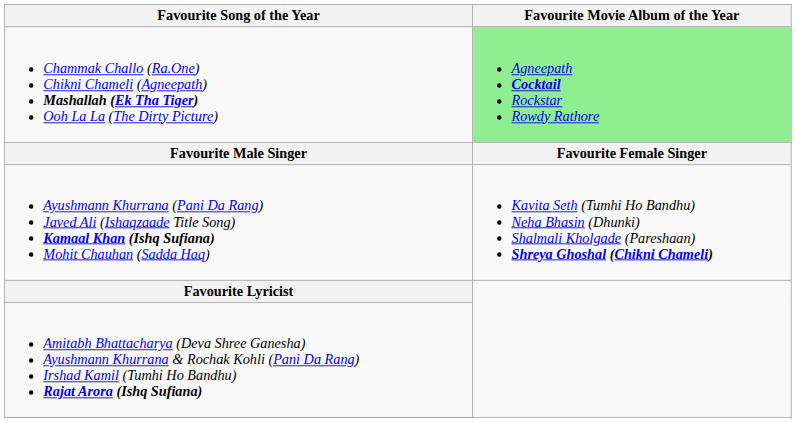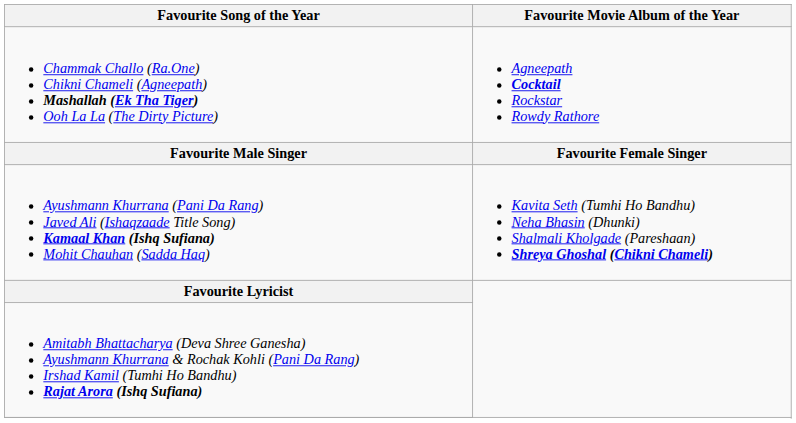 <table class="wikitable" width=70%>
 <tr>
 <th>Favourite Song of the Year</th>
 <th>Favourite Movie Album of the Year</th>
 </tr>
 <tr>
 <td valign="top"><br><ul><li><em><a href='#'>Chammak Challo</a> (<a href='#'>Ra.One</a>)</em></li><li><em><a href='#'>Chikni Chameli</a> (<a href='#'>Agneepath</a>)</em></li><li><strong><em>Mashallah (<a href='#'>Ek Tha Tiger</a>)</em></strong></li><li><em><a href='#'>Ooh La La</a> (<a href='#'>The Dirty Picture</a>)</em></li></ul></td>
-<td valign="top" style="background: lightgreen;"><br><ul><li><em><a href='#'>Agneepath</a></em></li><li><strong><em><a href='#'>Cocktail</a></em></strong></li><li><em><a href='#'>Rockstar</a></em></li><li><em><a href='#'>Rowdy Rathore</a></em></li></ul></td>
+<td valign="top"><br><ul><li><em><a href='#'>Agneepath</a></em></li><li><strong><em><a href='#'>Cocktail</a></em></strong></li><li><em><a href='#'>Rockstar</a></em></li><li><em><a href='#'>Rowdy Rathore</a></em></li></ul></td>
 </tr>
 <tr>
 <th>Favourite Male Singer</th>
 <th>Favourite Female Singer</th>
 </tr>
 <tr>
 <td valign="top"><br><ul><li><em><a href='#'>Ayushmann Khurrana</a> (<a href='#'>Pani Da Rang</a>)</em></li><li><em><a href='#'>Javed Ali</a> (<a href='#'>Ishaqzaade</a> Title Song)</em></li><li><strong><em><a href='#'>Kamaal Khan</a> (Ishq Sufiana)</em></strong></li><li><em><a href='#'>Mohit Chauhan</a> (<a href='#'>Sadda Haq</a>)</em></li></ul></td>
 <td valign="top"><br><ul><li><em><a href='#'>Kavita Seth</a> (Tumhi Ho Bandhu)</em></li><li><em><a href='#'>Neha Bhasin</a> (Dhunki)</em></li><li><em><a href='#'>Shalmali Kholgade</a> (Pareshaan)</em></li><li><strong><em><a href='#'>Shreya Ghoshal</a> (<a href='#'>Chikni Chameli</a>)</em></strong></li></ul></td>
 </tr>
 <tr>
 <th>Favourite Lyricist</th>
 </tr>
 <tr>
 <td halign="left"><br><ul><li><em><a href='#'>Amitabh Bhattacharya</a> (Deva Shree Ganesha)</em></li><li><em><a href='#'>Ayushmann Khurrana</a> & Rochak Kohli (<a href='#'>Pani Da Rang</a>)</em></li><li><em><a href='#'>Irshad Kamil</a> (Tumhi Ho Bandhu)</em></li><li><strong><em><a href='#'>Rajat Arora</a> (Ishq Sufiana)</em></strong></li></ul></td>
 </tr>
 <tr>
 </tr>
 </table>
